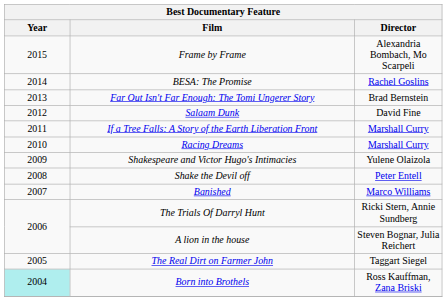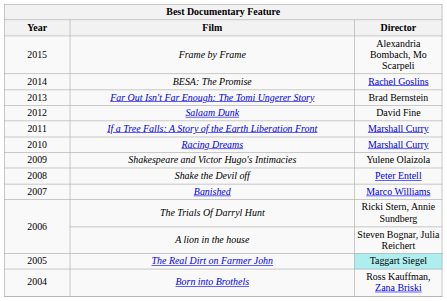 <table class="wikitable" width="80%">
 <tr>
 <th colspan="3" align="center">Best Documentary Feature</th>
 </tr>
 <tr>
 <th width="15%">Year</th>
 <th width="65%">Film</th>
 <th width="20%">Director</th>
 </tr>
 <tr>
 <td align="center">2015</td>
 <td align="center"><em>Frame by Frame</em></td>
 <td align="center">Alexandria Bombach, Mo Scarpeli</td>
 </tr>
 <tr>
 <td align="center">2014</td>
 <td align="center"><em>BESA: The Promise</em></td>
 <td align="center"><a href='#'>Rachel Goslins</a></td>
 </tr>
 <tr>
 <td align="center">2013</td>
 <td align="center"><em><a href='#'>Far Out Isn't Far Enough: The Tomi Ungerer Story</a></em></td>
 <td align="center">Brad Bernstein</td>
 </tr>
 <tr>
 <td align="center">2012</td>
 <td align="center"><em><a href='#'>Salaam Dunk</a></em></td>
 <td align="center">David Fine</td>
 </tr>
 <tr>
 <td align="center">2011</td>
 <td align="center"><em><a href='#'>If a Tree Falls: A Story of the Earth Liberation Front</a></em></td>
 <td align="center"><a href='#'>Marshall Curry</a></td>
 </tr>
 <tr>
 <td align="center">2010</td>
 <td align="center"><em><a href='#'>Racing Dreams</a></em></td>
 <td align="center"><a href='#'>Marshall Curry</a></td>
 </tr>
 <tr>
 <td align="center">2009</td>
 <td align="center"><em>Shakespeare and Victor Hugo's Intimacies</em></td>
 <td align="center">Yulene Olaizola</td>
 </tr>
 <tr>
 <td align="center">2008</td>
 <td align="center"><em>Shake the Devil off</em></td>
 <td align="center"><a href='#'>Peter Entell</a></td>
 </tr>
 <tr>
 <td align="center">2007</td>
 <td align="center"><a href='#'><em>Banished</em></a></td>
 <td align="center"><a href='#'>Marco Williams</a></td>
 </tr>
 <tr>
 <td rowspan="2" align="center">2006</td>
 <td align="center"><em>The Trials Of Darryl Hunt</em></td>
 <td align="center">Ricki Stern, Annie Sundberg</td>
 </tr>
 <tr>
 <td align="center"><em>A lion in the house</em></td>
 <td align="center">Steven Bognar, Julia Reichert</td>
 </tr>
 <tr>
 <td align="center">2005</td>
 <td align="center"><em><a href='#'>The Real Dirt on Farmer John</a></em></td>
-<td align="center">Taggart Siegel</td>
+<td align="center" style="background: paleturquoise;">Taggart Siegel</td>
 </tr>
 <tr>
-<td align="center" style="background: paleturquoise;">2004</td>
+<td align="center">2004</td>
 <td align="center"><em><a href='#'>Born into Brothels</a></em></td>
 <td align="center">Ross Kauffman, <a href='#'>Zana Briski</a></td>
 </tr>
 <tr>
 </tr>
 </table>
